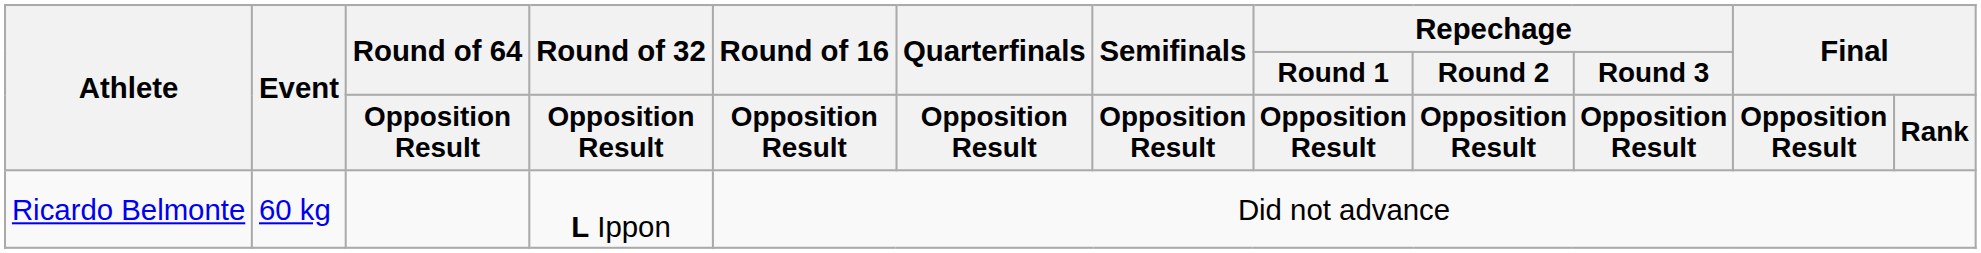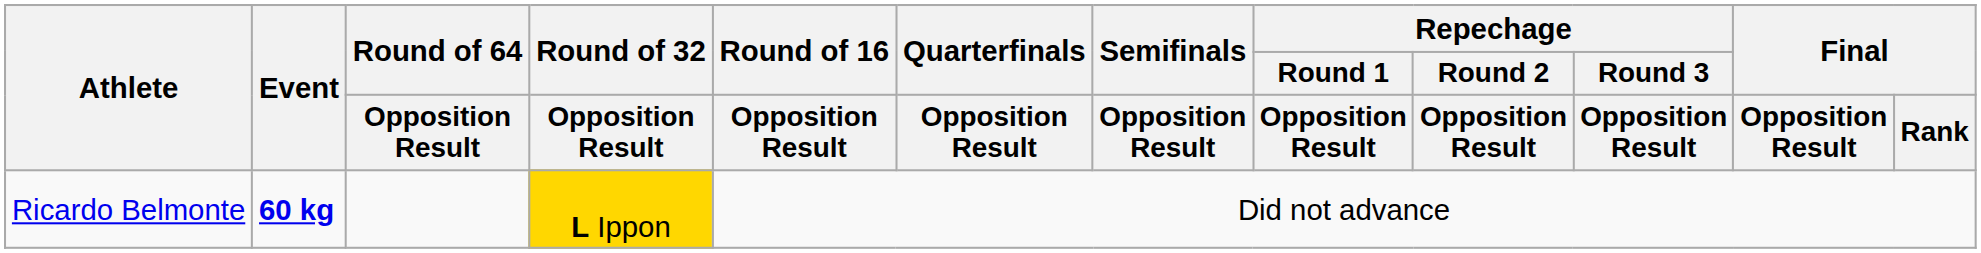 <table class="wikitable" style="font-size:90%">
 <tr>
 <th rowspan="3">Athlete</th>
 <th rowspan="3">Event</th>
 <th rowspan="2">Round of 64</th>
 <th rowspan="2">Round of 32</th>
 <th rowspan="2">Round of 16</th>
 <th rowspan="2">Quarterfinals</th>
 <th rowspan="2">Semifinals</th>
 <th colspan=3>Repechage</th>
 <th rowspan="2" colspan=2>Final</th>
 </tr>
 <tr style="font-size:95%">
 <th>Round 1</th>
 <th>Round 2</th>
 <th>Round 3</th>
 </tr>
 <tr style="font-size:95%">
 <th>Opposition<br>Result</th>
 <th>Opposition<br>Result</th>
 <th>Opposition<br>Result</th>
 <th>Opposition<br>Result</th>
 <th>Opposition<br>Result</th>
 <th>Opposition<br>Result</th>
 <th>Opposition<br>Result</th>
 <th>Opposition<br>Result</th>
 <th>Opposition<br>Result</th>
 <th>Rank</th>
 </tr>
 <tr align=center>
 <td align=left><a href='#'>Ricardo Belmonte</a></td>
-<td align=left><a href='#'>60 kg</a></td>
+<td align=left><strong><a href='#'>60 kg</a></strong></td>
 <td></td>
-<td><br><strong>L</strong> Ippon</td>
+<td style="background: gold;"><br><strong>L</strong> Ippon</td>
 <td colspan=8>Did not advance</td>
 </tr>
 </table>
